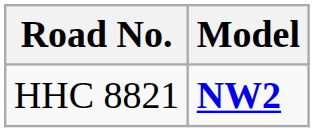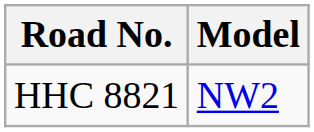 <table class="wikitable">
 <tr>
 <th>Road No.</th>
 <th>Model</th>
 </tr>
 <tr>
 <td>HHC 8821</td>
-<td><strong><a href='#'>NW2</a></strong></td>
+<td><a href='#'>NW2</a></td>
 </tr>
 </table>
